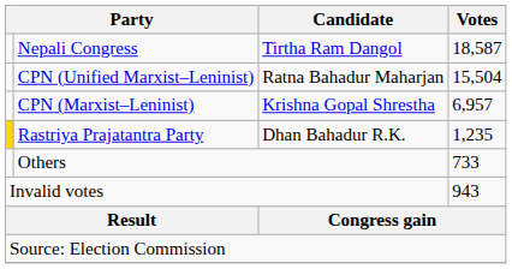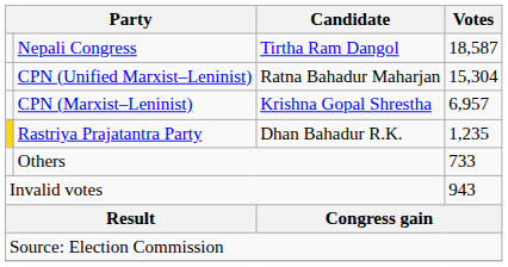 <table class="wikitable">
 <tr>
 <th colspan="2">Party</th>
 <th>Candidate</th>
 <th>Votes</th>
 </tr>
 <tr>
 <td style="background-color:"></td>
 <td><a href='#'>Nepali Congress</a></td>
 <td><a href='#'>Tirtha Ram Dangol</a></td>
 <td>18,587</td>
 </tr>
 <tr>
 <td style="background-color:"></td>
 <td><a href='#'>CPN (Unified Marxist–Leninist)</a></td>
 <td>Ratna Bahadur Maharjan</td>
-<td>15,504</td>
+<td>15,304</td>
 </tr>
 <tr>
 <td style="background-color:"></td>
 <td><a href='#'>CPN (Marxist–Leninist)</a></td>
 <td><a href='#'>Krishna Gopal Shrestha</a></td>
 <td>6,957</td>
 </tr>
 <tr>
 <td style="background-color:gold"></td>
 <td><a href='#'>Rastriya Prajatantra Party</a></td>
 <td>Dhan Bahadur R.K.</td>
 <td>1,235</td>
 </tr>
 <tr>
 <td></td>
 <td colspan="2">Others</td>
 <td>733</td>
 </tr>
 <tr>
 <td colspan="3">Invalid votes</td>
 <td>943</td>
 </tr>
 <tr>
 <th colspan="2">Result</th>
 <th colspan="2">Congress gain</th>
 </tr>
 <tr>
 <td colspan="4">Source: Election Commission</td>
 </tr>
 <tr>
 </tr>
 </table>
